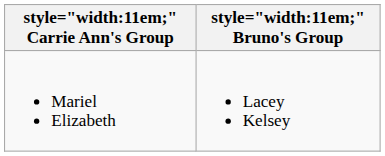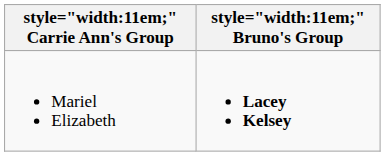 <table class="wikitable" style="width:22em;">
 <tr>
 <th>style="width:11em;" <strong>Carrie Ann's Group</strong></th>
 <th>style="width:11em;" <strong>Bruno's Group</strong></th>
 </tr>
 <tr>
 <td><br><ul><li>Mariel</li><li>Elizabeth</li></ul></td>
-<td><br><ul><li>Lacey</li><li>Kelsey</li></ul></td>
+<td><strong><br><ul><li>Lacey</li><li>Kelsey</li></ul></strong></td>
 </tr>
 </table>
